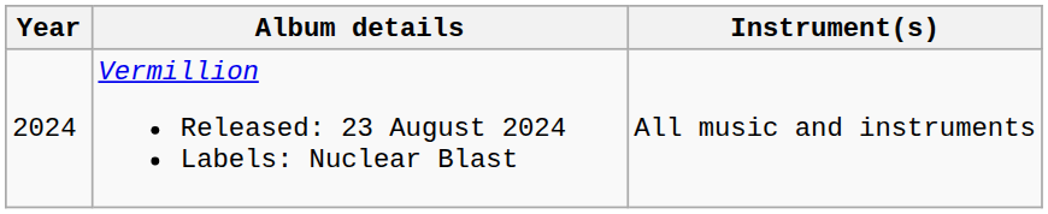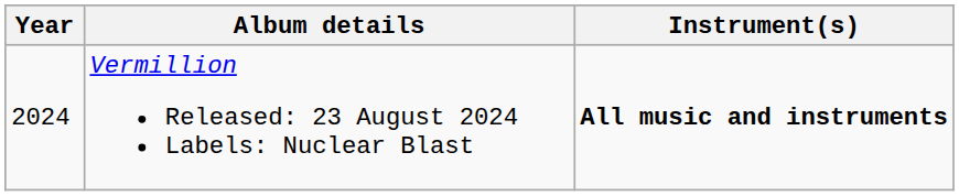 <table class="wikitable">
 <tr>
 <th>Year</th>
 <th>Album details</th>
 <th width=40%>Instrument(s)</th>
 </tr>
 <tr>
 <td>2024</td>
 <td><em><a href='#'>Vermillion</a></em><br><ul><li>Released: 23 August 2024</li><li>Labels: Nuclear Blast</li></ul></td>
-<td>All music and instruments</td>
+<td><strong>All music and instruments</strong></td>
 </tr>
 </table>
